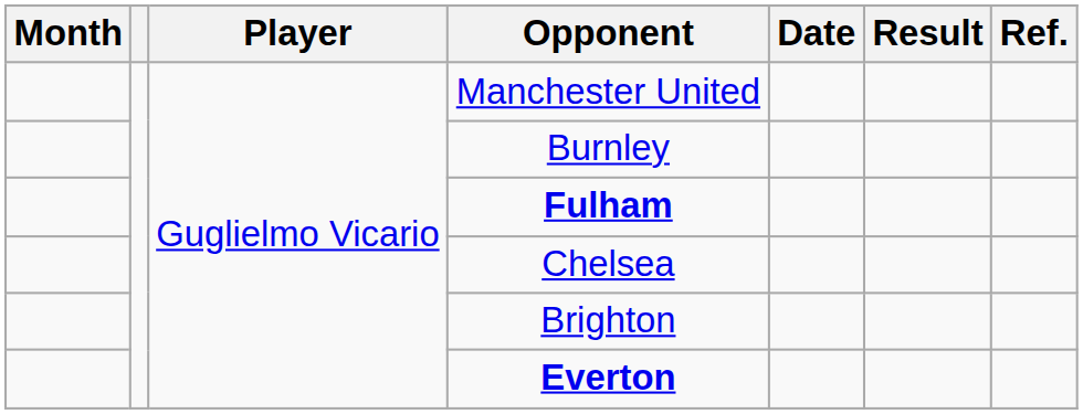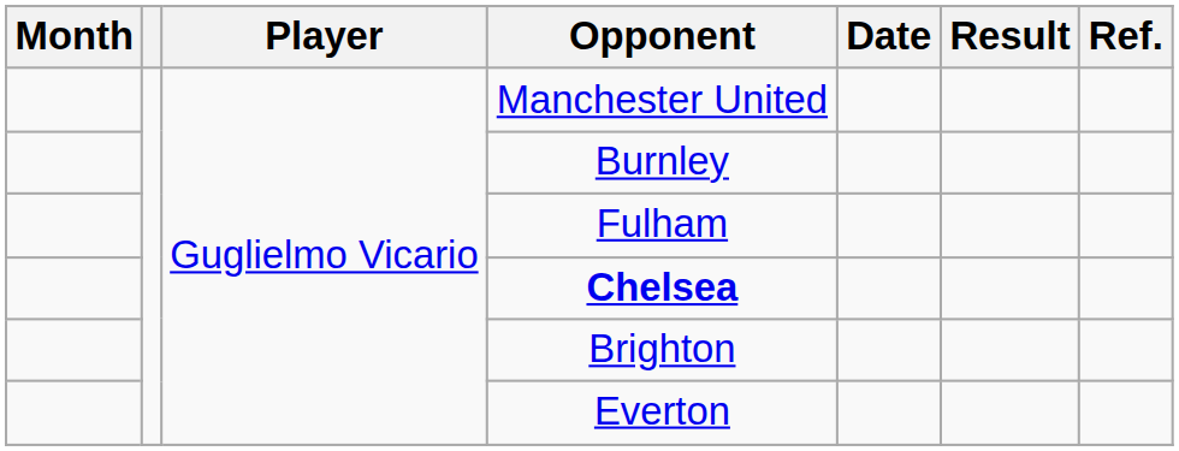 <table class="wikitable sortable" style="text-align:center">
 <tr>
 <th>Month</th>
 <th></th>
 <th>Player</th>
 <th>Opponent</th>
 <th>Date</th>
 <th>Result</th>
 <th class="unsortable">Ref.</th>
 </tr>
 <tr>
 <td></td>
 <td rowspan="6"></td>
 <td rowspan="6" data-sort-value="Vicario, Guglielmo"><a href='#'>Guglielmo Vicario</a></td>
 <td><a href='#'>Manchester United</a></td>
 <td></td>
 <td></td>
 <td></td>
 </tr>
 <tr>
 <td></td>
 <td><a href='#'>Burnley</a></td>
 <td></td>
 <td></td>
 <td></td>
 </tr>
 <tr>
 <td></td>
-<td><strong><a href='#'>Fulham</a></strong></td>
+<td><a href='#'>Fulham</a></td>
 <td></td>
 <td></td>
 <td></td>
 </tr>
 <tr>
 <td></td>
-<td><a href='#'>Chelsea</a></td>
+<td><strong><a href='#'>Chelsea</a></strong></td>
 <td></td>
 <td></td>
 <td></td>
 </tr>
 <tr>
 <td></td>
 <td><a href='#'>Brighton</a></td>
 <td></td>
 <td></td>
 <td></td>
 </tr>
 <tr>
 <td></td>
-<td><strong><a href='#'>Everton</a></strong></td>
+<td><a href='#'>Everton</a></td>
 <td></td>
 <td></td>
 <td></td>
 </tr>
 </table>
